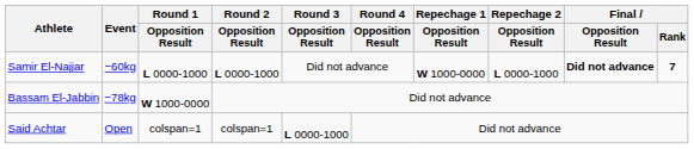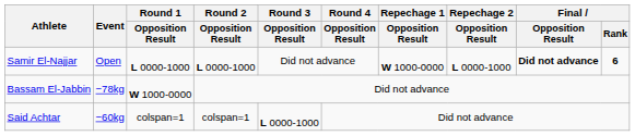 <table class="wikitable" style="font-size:90%">
 <tr>
 <th rowspan="2">Athlete</th>
 <th rowspan="2">Event</th>
 <th>Round 1</th>
 <th>Round 2</th>
 <th>Round 3</th>
 <th>Round 4</th>
 <th>Repechage 1</th>
 <th>Repechage 2</th>
 <th colspan=2>Final / </th>
 </tr>
 <tr style="font-size:95%">
 <th>Opposition<br>Result</th>
 <th>Opposition<br>Result</th>
 <th>Opposition<br>Result</th>
 <th>Opposition<br>Result</th>
 <th>Opposition<br>Result</th>
 <th>Opposition<br>Result</th>
 <th>Opposition<br>Result</th>
 <th>Rank</th>
 </tr>
 <tr align=center>
 <td align=left><a href='#'>Samir El-Najjar</a></td>
-<td align=left><a href='#'>−60kg</a></td>
+<td align=left><a href='#'>Open</a></td>
 <td><br><strong>L</strong> 0000-1000</td>
 <td><br><strong>L</strong> 0000-1000</td>
 <td colspan=2>Did not advance</td>
 <td><br><strong>W</strong> 1000-0000</td>
 <td><br><strong>L</strong> 0000-1000</td>
 <td colspan=1><strong>Did not advance</strong></td>
-<td><strong>7</strong></td>
+<td><strong>6</strong></td>
 </tr>
 <tr align=center>
 <td align=left><a href='#'>Bassam El-Jabbin</a></td>
 <td align=left><a href='#'>−78kg</a></td>
 <td><br><strong>W</strong> 1000-0000</td>
 <td colspan=7>Did not advance</td>
 </tr>
 <tr align=center>
 <td align=left><a href='#'>Said Achtar</a></td>
-<td align=left><a href='#'>Open</a></td>
+<td align=left><a href='#'>−60kg</a></td>
 <td>colspan=1 </td>
 <td>colspan=1 </td>
 <td><br><strong>L</strong> 0000-1000</td>
 <td colspan=7>Did not advance</td>
 </tr>
 </table>
